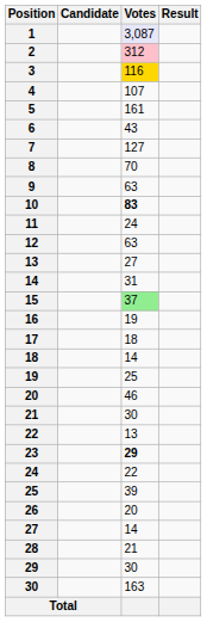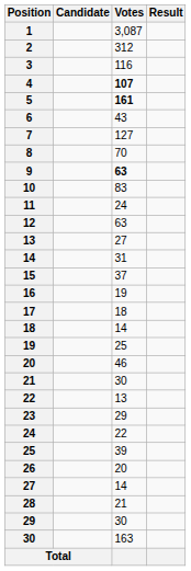 <table class="wikitable sortable col3right">
 <tr>
 <th scope="col">Position</th>
 <th scope="col">Candidate</th>
 <th scope="col">Votes</th>
 <th scope="col">Result</th>
 </tr>
 <tr>
 <th scope="row">1</th>
 <td></td>
-<td style="background: lavender;">3,087</td>
+<td>3,087</td>
 <td></td>
 </tr>
 <tr>
 <th scope="row">2</th>
 <td></td>
-<td style="background: pink;">312</td>
+<td>312</td>
 <td></td>
 </tr>
 <tr>
 <th scope="row">3</th>
 <td></td>
-<td style="background: gold;">116</td>
+<td>116</td>
 <td></td>
 </tr>
 <tr>
 <th scope="row">4</th>
 <td></td>
-<td>107</td>
+<td><strong>107</strong></td>
 <td></td>
 </tr>
 <tr>
 <th scope="row">5</th>
 <td></td>
-<td>161</td>
+<td><strong>161</strong></td>
 <td></td>
 </tr>
 <tr>
 <th scope="row">6</th>
 <td></td>
 <td>43</td>
 <td></td>
 </tr>
 <tr>
 <th scope="row">7</th>
 <td></td>
 <td>127</td>
 <td></td>
 </tr>
 <tr>
 <th scope="row">8</th>
 <td></td>
 <td>70</td>
 <td></td>
 </tr>
 <tr>
 <th scope="row">9</th>
 <td></td>
-<td>63</td>
+<td><strong>63</strong></td>
 <td></td>
 </tr>
 <tr>
 <th scope="row">10</th>
 <td></td>
-<td><strong>83</strong></td>
+<td>83</td>
 <td></td>
 </tr>
 <tr>
 <th scope="row">11</th>
 <td></td>
 <td>24</td>
 <td></td>
 </tr>
 <tr>
 <th scope="row">12</th>
 <td></td>
 <td>63</td>
 <td></td>
 </tr>
 <tr>
 <th scope="row">13</th>
 <td></td>
 <td>27</td>
 <td></td>
 </tr>
 <tr>
 <th scope="row">14</th>
 <td></td>
 <td>31</td>
 <td></td>
 </tr>
 <tr>
 <th scope="row">15</th>
 <td></td>
-<td style="background: lightgreen;">37</td>
+<td>37</td>
 <td></td>
 </tr>
 <tr>
 <th scope="row">16</th>
 <td></td>
 <td>19</td>
 <td></td>
 </tr>
 <tr>
 <th scope="row">17</th>
 <td></td>
 <td>18</td>
 <td></td>
 </tr>
 <tr>
 <th scope="row">18</th>
 <td></td>
 <td>14</td>
 <td></td>
 </tr>
 <tr>
 <th scope="row">19</th>
 <td></td>
 <td>25</td>
 <td></td>
 </tr>
 <tr>
 <th scope="row">20</th>
 <td></td>
 <td>46</td>
 <td></td>
 </tr>
 <tr>
 <th scope="row">21</th>
 <td></td>
 <td>30</td>
 <td></td>
 </tr>
 <tr>
 <th scope="row">22</th>
 <td></td>
 <td>13</td>
 <td></td>
 </tr>
 <tr>
 <th scope="row">23</th>
 <td></td>
-<td><strong>29</strong></td>
+<td>29</td>
 <td></td>
 </tr>
 <tr>
 <th scope="row">24</th>
 <td></td>
 <td>22</td>
 <td></td>
 </tr>
 <tr>
 <th scope="row">25</th>
 <td></td>
 <td>39</td>
 <td></td>
 </tr>
 <tr>
 <th scope="row">26</th>
 <td></td>
 <td>20</td>
 <td></td>
 </tr>
 <tr>
 <th scope="row">27</th>
 <td></td>
 <td>14</td>
 <td></td>
 </tr>
 <tr>
 <th scope="row">28</th>
 <td></td>
 <td>21</td>
 <td></td>
 </tr>
 <tr>
 <th scope="row">29</th>
 <td></td>
 <td>30</td>
 <td></td>
 </tr>
 <tr>
 <th scope="row">30</th>
 <td></td>
 <td>163</td>
 <td></td>
 </tr>
 <tr class="sortbottom">
 <th scope="row" colspan="2">Total</th>
 <th></th>
 <th></th>
 </tr>
 </table>
